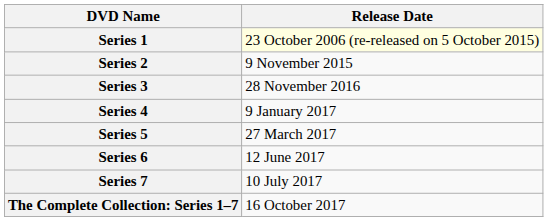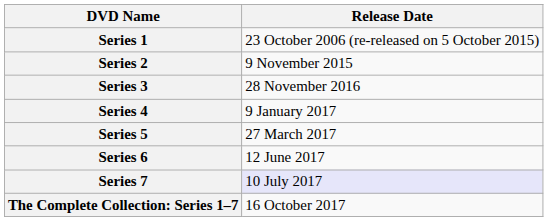 <table class="wikitable">
 <tr>
 <th>DVD Name</th>
 <th>Release Date</th>
 </tr>
 <tr>
 <th>Series 1</th>
-<td style="background: lightyellow;">23 October 2006 (re-released on 5 October 2015)</td>
+<td>23 October 2006 (re-released on 5 October 2015)</td>
 </tr>
 <tr>
 <th>Series 2</th>
 <td>9 November 2015</td>
 </tr>
 <tr>
 <th>Series 3</th>
 <td>28 November 2016</td>
 </tr>
 <tr>
 <th>Series 4</th>
 <td>9 January 2017</td>
 </tr>
 <tr>
 <th>Series 5</th>
 <td>27 March 2017</td>
 </tr>
 <tr>
 <th>Series 6</th>
 <td>12 June 2017</td>
 </tr>
 <tr>
 <th>Series 7</th>
-<td>10 July 2017</td>
+<td style="background: lavender;">10 July 2017</td>
 </tr>
 <tr>
 <th>The Complete Collection: Series 1–7</th>
 <td>16 October 2017</td>
 </tr>
 </table>
